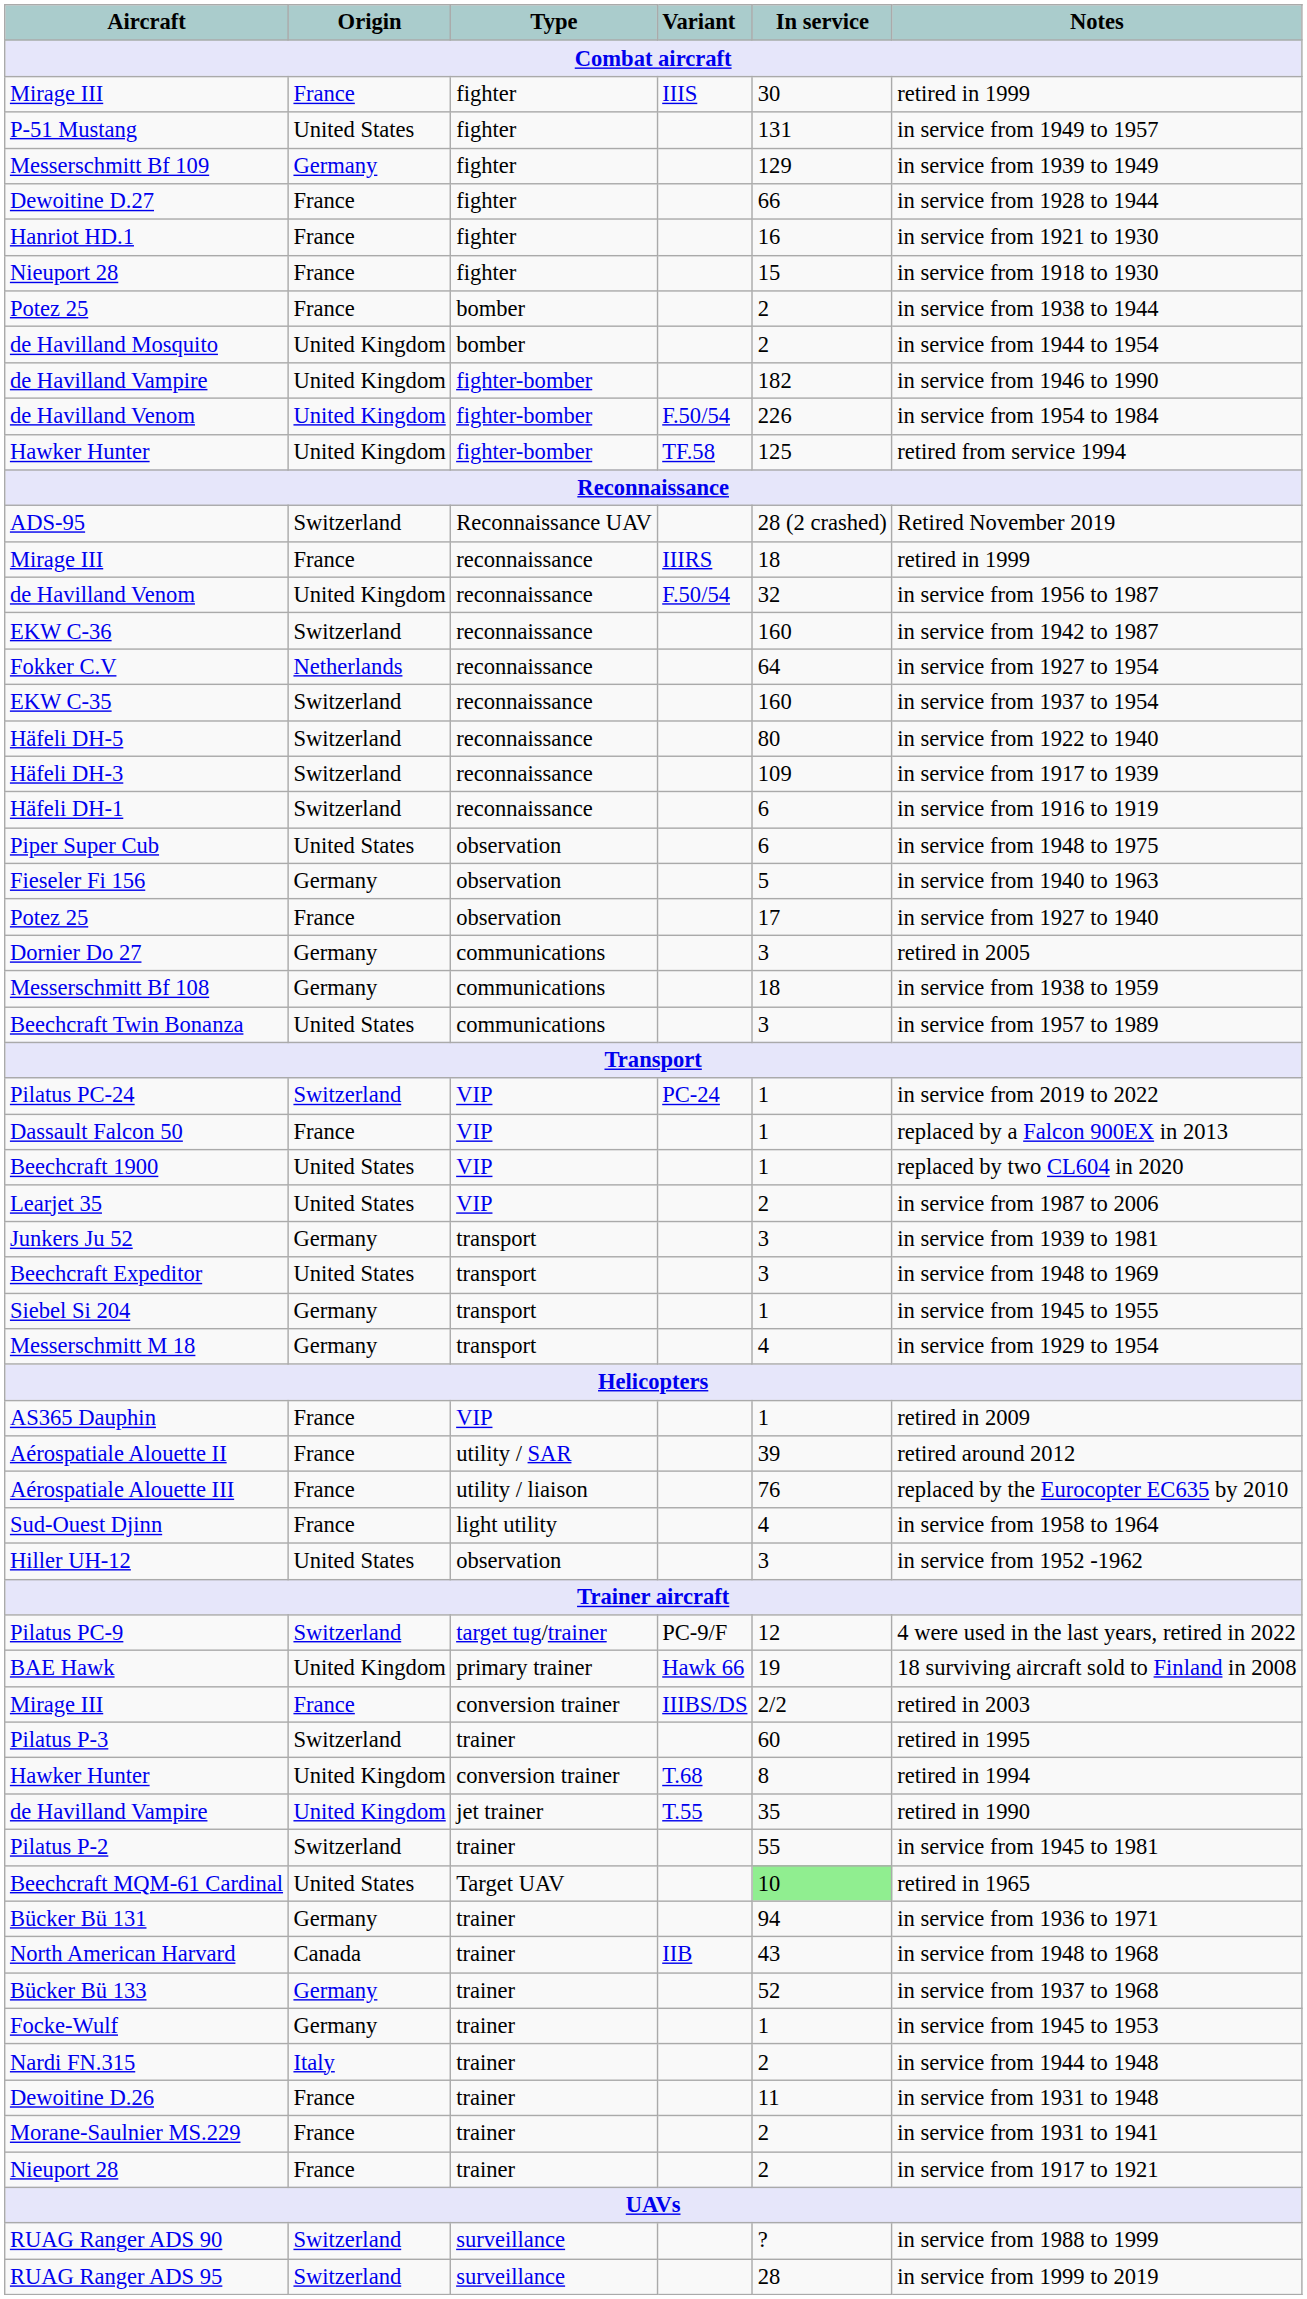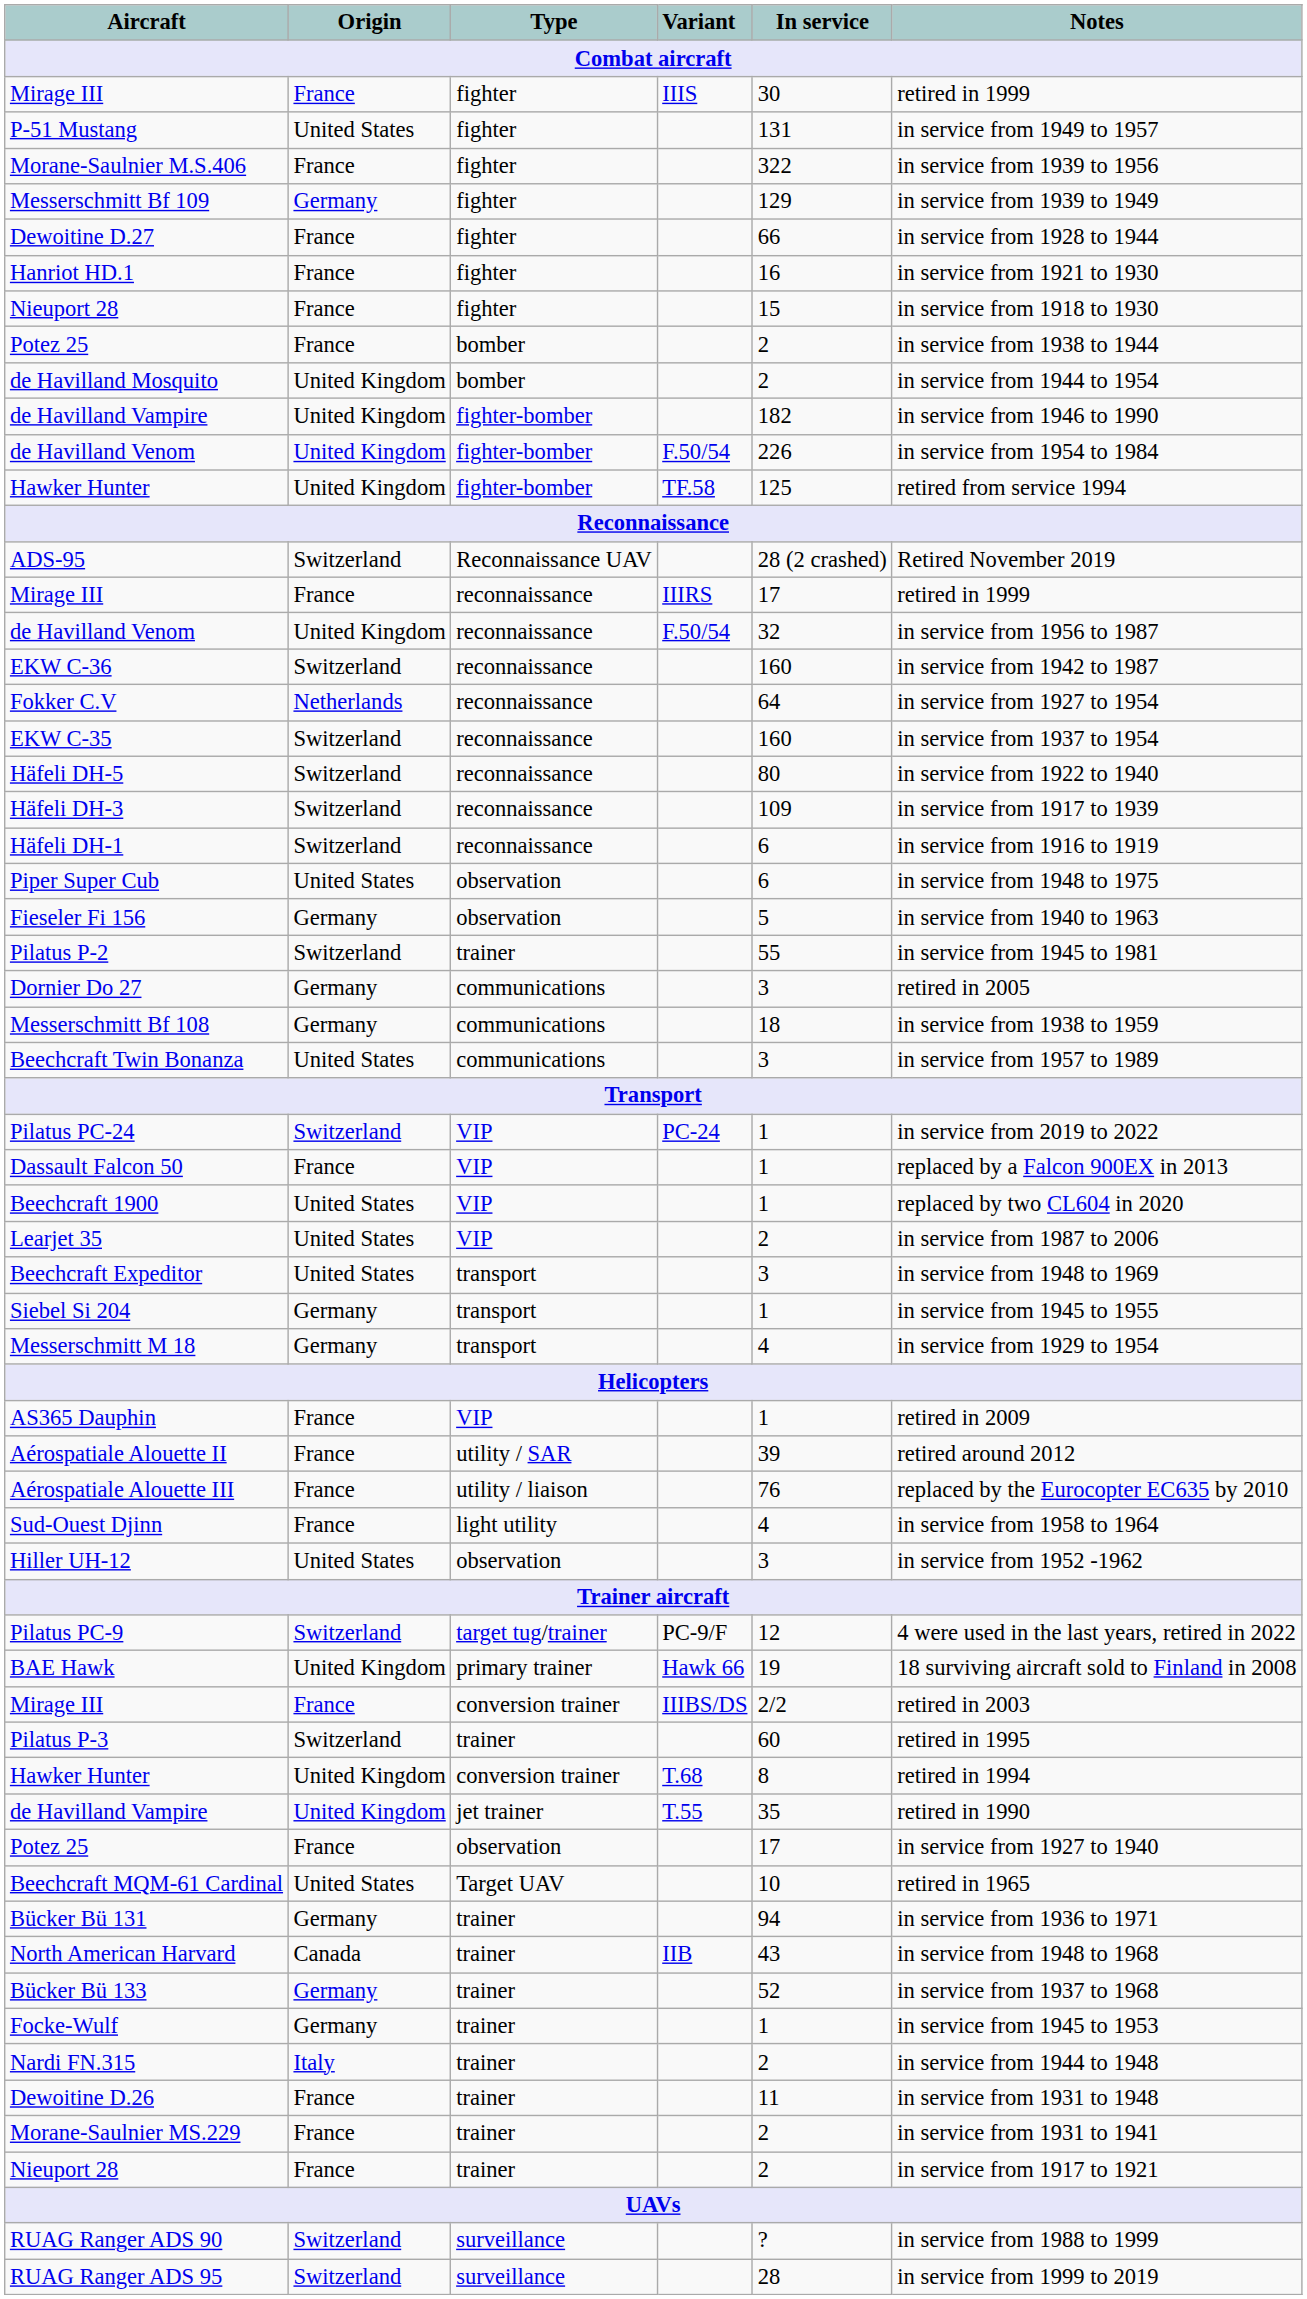 <table class="wikitable">
 <tr>
 <th style="text-align:center; background:#acc;">Aircraft</th>
 <th style="text-align: center; background:#acc;">Origin</th>
 <th style="text-align:l center; background:#acc;">Type</th>
 <th style="text-align:left; background:#acc;">Variant</th>
 <th style="text-align:center; background:#acc;">In service</th>
 <th style="text-align: center; background:#acc;">Notes</th>
 </tr>
 <tr>
 <th colspan="6" style="align: center; background: lavender;"><a href='#'>Combat aircraft</a></th>
 </tr>
 <tr>
 <td><a href='#'>Mirage III</a></td>
 <td><a href='#'>France</a></td>
 <td>fighter</td>
 <td><a href='#'>IIIS</a></td>
 <td>30</td>
 <td>retired in 1999</td>
 </tr>
 <tr>
 <td><a href='#'>P-51 Mustang</a></td>
 <td>United States</td>
 <td>fighter</td>
 <td></td>
 <td>131</td>
 <td>in service from 1949 to 1957</td>
+</tr>
+<tr>
+<td><a href='#'>Morane-Saulnier M.S.406</a></td>
+<td>France</td>
+<td>fighter</td>
+<td></td>
+<td>322</td>
+<td>in service from 1939 to 1956</td>
 </tr>
 <tr>
 <td><a href='#'>Messerschmitt Bf 109</a></td>
 <td><a href='#'>Germany</a></td>
 <td>fighter</td>
 <td></td>
 <td>129</td>
 <td>in service from 1939 to 1949</td>
 </tr>
 <tr>
 <td><a href='#'>Dewoitine D.27</a></td>
 <td>France</td>
 <td>fighter</td>
 <td></td>
 <td>66</td>
 <td>in service from 1928 to 1944</td>
 </tr>
 <tr>
 <td><a href='#'>Hanriot HD.1</a></td>
 <td>France</td>
 <td>fighter</td>
 <td></td>
 <td>16</td>
 <td>in service from 1921 to 1930</td>
 </tr>
 <tr>
 <td><a href='#'>Nieuport 28</a></td>
 <td>France</td>
 <td>fighter</td>
 <td></td>
 <td>15</td>
 <td>in service from 1918 to 1930</td>
 </tr>
 <tr>
 <td><a href='#'>Potez 25</a></td>
 <td>France</td>
 <td>bomber</td>
 <td></td>
 <td>2</td>
 <td>in service from 1938 to 1944</td>
 </tr>
 <tr>
 <td><a href='#'>de Havilland Mosquito</a></td>
 <td>United Kingdom</td>
 <td>bomber</td>
 <td></td>
 <td>2</td>
 <td>in service from 1944 to 1954</td>
 </tr>
 <tr>
 <td><a href='#'>de Havilland Vampire</a></td>
 <td>United Kingdom</td>
 <td><a href='#'>fighter-bomber</a></td>
 <td></td>
 <td>182</td>
 <td>in service from 1946 to 1990</td>
 </tr>
 <tr>
 <td><a href='#'>de Havilland Venom</a></td>
 <td><a href='#'>United Kingdom</a></td>
 <td><a href='#'>fighter-bomber</a></td>
 <td><a href='#'>F.50/54</a></td>
 <td>226</td>
 <td>in service from 1954 to 1984</td>
 </tr>
 <tr>
 <td><a href='#'>Hawker Hunter</a></td>
 <td>United Kingdom</td>
 <td><a href='#'>fighter-bomber</a></td>
 <td><a href='#'>TF.58</a></td>
 <td>125</td>
 <td>retired from service 1994</td>
 </tr>
 <tr>
 <th colspan="6" style="align: center; background: lavender;"><a href='#'>Reconnaissance</a></th>
 </tr>
 <tr>
 <td><a href='#'>ADS-95</a></td>
 <td>Switzerland</td>
 <td>Reconnaissance UAV</td>
 <td></td>
 <td>28 (2 crashed)</td>
 <td>Retired November 2019</td>
 </tr>
 <tr>
 <td><a href='#'>Mirage III</a></td>
 <td>France</td>
 <td>reconnaissance</td>
 <td><a href='#'>IIIRS</a></td>
-<td>18</td>
+<td>17</td>
 <td>retired in 1999</td>
 </tr>
 <tr>
 <td><a href='#'>de Havilland Venom</a></td>
 <td>United Kingdom</td>
 <td>reconnaissance</td>
 <td><a href='#'>F.50/54</a></td>
 <td>32</td>
 <td>in service from 1956 to 1987</td>
 </tr>
 <tr>
 <td><a href='#'>EKW C-36</a></td>
 <td>Switzerland</td>
 <td>reconnaissance</td>
 <td></td>
 <td>160</td>
 <td>in service from 1942 to 1987</td>
 </tr>
 <tr>
 <td><a href='#'>Fokker C.V</a></td>
 <td><a href='#'>Netherlands</a></td>
 <td>reconnaissance</td>
 <td></td>
 <td>64</td>
 <td>in service from 1927 to 1954</td>
 </tr>
 <tr>
 <td><a href='#'>EKW C-35</a></td>
 <td>Switzerland</td>
 <td>reconnaissance</td>
 <td></td>
 <td>160</td>
 <td>in service from 1937 to 1954</td>
 </tr>
 <tr>
 <td><a href='#'>Häfeli DH-5</a></td>
 <td>Switzerland</td>
 <td>reconnaissance</td>
 <td></td>
 <td>80</td>
 <td>in service from 1922 to 1940</td>
 </tr>
 <tr>
 <td><a href='#'>Häfeli DH-3</a></td>
 <td>Switzerland</td>
 <td>reconnaissance</td>
 <td></td>
 <td>109</td>
 <td>in service from 1917 to 1939</td>
 </tr>
 <tr>
 <td><a href='#'>Häfeli DH-1</a></td>
 <td>Switzerland</td>
 <td>reconnaissance</td>
 <td></td>
 <td>6</td>
 <td>in service from 1916 to 1919</td>
 </tr>
 <tr>
 <td><a href='#'>Piper Super Cub</a></td>
 <td>United States</td>
 <td>observation</td>
 <td></td>
 <td>6</td>
 <td>in service from 1948 to 1975</td>
 </tr>
 <tr>
 <td><a href='#'>Fieseler Fi 156</a></td>
 <td>Germany</td>
 <td>observation</td>
 <td></td>
 <td>5</td>
 <td>in service from 1940 to 1963</td>
 </tr>
 <tr>
-<td><a href='#'>Potez 25</a></td>
-<td>France</td>
-<td>observation</td>
+<td><a href='#'>Pilatus P-2</a></td>
+<td>Switzerland</td>
+<td>trainer</td>
 <td></td>
-<td>17</td>
-<td>in service from 1927 to 1940</td>
+<td>55</td>
+<td>in service from 1945 to 1981</td>
 </tr>
 <tr>
 <td><a href='#'>Dornier Do 27</a></td>
 <td>Germany</td>
 <td>communications</td>
 <td></td>
 <td>3</td>
 <td>retired in 2005</td>
 </tr>
 <tr>
 <td><a href='#'>Messerschmitt Bf 108</a></td>
 <td>Germany</td>
 <td>communications</td>
 <td></td>
 <td>18</td>
 <td>in service from 1938 to 1959</td>
 </tr>
 <tr>
 <td><a href='#'>Beechcraft Twin Bonanza</a></td>
 <td>United States</td>
 <td>communications</td>
 <td></td>
 <td>3</td>
 <td>in service from 1957 to 1989</td>
 </tr>
 <tr>
 <th colspan="6" style="align: center; background: lavender;"><a href='#'>Transport</a></th>
 </tr>
 <tr>
 <td><a href='#'>Pilatus PC-24</a></td>
 <td><a href='#'>Switzerland</a></td>
 <td><a href='#'>VIP</a></td>
 <td><a href='#'>PC-24</a></td>
 <td>1</td>
 <td>in service from 2019 to 2022</td>
 </tr>
 <tr>
 <td><a href='#'>Dassault Falcon 50</a></td>
 <td>France</td>
 <td><a href='#'>VIP</a></td>
 <td></td>
 <td>1</td>
 <td>replaced by a  <a href='#'>Falcon 900EX</a> in 2013</td>
 </tr>
 <tr>
 <td><a href='#'>Beechcraft 1900</a></td>
 <td>United States</td>
 <td><a href='#'>VIP</a></td>
 <td></td>
 <td>1</td>
 <td>replaced by two <a href='#'>CL604</a> in 2020</td>
 </tr>
 <tr>
 <td><a href='#'>Learjet 35</a></td>
 <td>United States</td>
 <td><a href='#'>VIP</a></td>
 <td></td>
 <td>2</td>
 <td>in service from 1987 to 2006</td>
-</tr>
-<tr>
-<td><a href='#'>Junkers Ju 52</a></td>
-<td>Germany</td>
-<td>transport</td>
-<td></td>
-<td>3</td>
-<td>in service from  1939 to 1981</td>
 </tr>
 <tr>
 <td><a href='#'>Beechcraft Expeditor</a></td>
 <td>United States</td>
 <td>transport</td>
 <td></td>
 <td>3</td>
 <td>in service from 1948 to 1969</td>
 </tr>
 <tr>
 <td><a href='#'>Siebel Si 204</a></td>
 <td>Germany</td>
 <td>transport</td>
 <td></td>
 <td>1</td>
 <td>in service from 1945 to 1955</td>
 </tr>
 <tr>
 <td><a href='#'>Messerschmitt M 18</a></td>
 <td>Germany</td>
 <td>transport</td>
 <td></td>
 <td>4</td>
 <td>in service from 1929 to 1954</td>
 </tr>
 <tr>
 <th colspan="6" style="align: center; background: lavender;"><a href='#'>Helicopters</a></th>
 </tr>
 <tr>
 <td><a href='#'>AS365 Dauphin</a></td>
 <td>France</td>
 <td><a href='#'>VIP</a></td>
 <td></td>
 <td>1</td>
 <td>retired in 2009</td>
 </tr>
 <tr>
 <td><a href='#'>Aérospatiale Alouette II</a></td>
 <td>France</td>
 <td>utility / <a href='#'>SAR</a></td>
 <td></td>
 <td>39</td>
 <td>retired around 2012</td>
 </tr>
 <tr>
 <td><a href='#'>Aérospatiale Alouette III</a></td>
 <td>France</td>
 <td>utility / liaison</td>
 <td></td>
 <td>76</td>
 <td>replaced by the <a href='#'>Eurocopter EC635</a> by 2010</td>
 </tr>
 <tr>
 <td><a href='#'>Sud-Ouest Djinn</a></td>
 <td>France</td>
 <td>light utility</td>
 <td></td>
 <td>4</td>
 <td>in service from 1958 to 1964</td>
 </tr>
 <tr>
 <td><a href='#'>Hiller UH-12</a></td>
 <td>United States</td>
 <td>observation</td>
 <td></td>
 <td>3</td>
 <td>in service from 1952 -1962</td>
 </tr>
 <tr>
 <th colspan="6" style="align: center; background: lavender;"><a href='#'>Trainer aircraft</a></th>
 </tr>
 <tr>
 <td><a href='#'>Pilatus PC-9</a></td>
 <td><a href='#'>Switzerland</a></td>
 <td><a href='#'>target tug</a>/<a href='#'>trainer</a></td>
 <td>PC-9/F</td>
 <td>12</td>
 <td>4 were used in the last years, retired in 2022</td>
 </tr>
 <tr>
 <td><a href='#'>BAE Hawk</a></td>
 <td>United Kingdom</td>
 <td>primary trainer</td>
 <td><a href='#'>Hawk 66</a></td>
 <td>19</td>
 <td>18 surviving aircraft sold to <a href='#'>Finland</a> in 2008</td>
 </tr>
 <tr>
 <td><a href='#'>Mirage III</a></td>
 <td><a href='#'>France</a></td>
 <td>conversion trainer</td>
 <td><a href='#'>IIIBS/DS</a></td>
 <td>2/2</td>
 <td>retired in 2003</td>
 </tr>
 <tr>
 <td><a href='#'>Pilatus P-3</a></td>
 <td>Switzerland</td>
 <td>trainer</td>
 <td></td>
 <td>60</td>
 <td>retired in 1995</td>
 </tr>
 <tr>
 <td><a href='#'>Hawker Hunter</a></td>
 <td>United Kingdom</td>
 <td>conversion trainer</td>
 <td><a href='#'>T.68</a></td>
 <td>8</td>
 <td>retired in 1994</td>
 </tr>
 <tr>
 <td><a href='#'>de Havilland Vampire</a></td>
 <td><a href='#'>United Kingdom</a></td>
 <td>jet trainer</td>
 <td><a href='#'>T.55</a></td>
 <td>35</td>
 <td>retired in 1990</td>
 </tr>
 <tr>
-<td><a href='#'>Pilatus P-2</a></td>
-<td>Switzerland</td>
-<td>trainer</td>
+<td><a href='#'>Potez 25</a></td>
+<td>France</td>
+<td>observation</td>
 <td></td>
-<td>55</td>
-<td>in service from 1945 to 1981</td>
+<td>17</td>
+<td>in service from 1927 to 1940</td>
 </tr>
 <tr>
 <td><a href='#'>Beechcraft MQM-61 Cardinal</a></td>
 <td>United States</td>
 <td>Target UAV</td>
 <td></td>
-<td style="background: lightgreen;">10</td>
+<td>10</td>
 <td>retired in 1965</td>
 </tr>
 <tr>
 <td><a href='#'>Bücker Bü 131</a></td>
 <td>Germany</td>
 <td>trainer</td>
 <td></td>
 <td>94</td>
 <td>in service from 1936 to 1971</td>
 </tr>
 <tr>
 <td><a href='#'>North American Harvard</a></td>
 <td>Canada</td>
 <td>trainer</td>
 <td><a href='#'>IIB</a></td>
 <td>43</td>
 <td>in service from 1948 to 1968</td>
 </tr>
 <tr>
 <td><a href='#'>Bücker Bü 133</a></td>
 <td><a href='#'>Germany</a></td>
 <td>trainer</td>
 <td></td>
 <td>52</td>
 <td>in service from 1937 to 1968</td>
 </tr>
 <tr>
 <td><a href='#'>Focke-Wulf</a></td>
 <td>Germany</td>
 <td>trainer</td>
 <td></td>
 <td>1</td>
 <td>in service from 1945 to 1953</td>
 </tr>
 <tr>
 <td><a href='#'>Nardi FN.315</a></td>
 <td><a href='#'>Italy</a></td>
 <td>trainer</td>
 <td></td>
 <td>2</td>
 <td>in service from 1944 to 1948</td>
 </tr>
 <tr>
 <td><a href='#'>Dewoitine D.26</a></td>
 <td>France</td>
 <td>trainer</td>
 <td></td>
 <td>11</td>
 <td>in service from 1931 to 1948</td>
 </tr>
 <tr>
 <td><a href='#'>Morane-Saulnier MS.229</a></td>
 <td>France</td>
 <td>trainer</td>
 <td></td>
 <td>2</td>
 <td>in service from 1931 to 1941</td>
 </tr>
 <tr>
 <td><a href='#'>Nieuport 28</a></td>
 <td>France</td>
 <td>trainer</td>
 <td></td>
 <td>2</td>
 <td>in service from 1917 to 1921</td>
 </tr>
 <tr>
 <th colspan="6" style="align: center; background: lavender;"><a href='#'>UAVs</a></th>
 </tr>
 <tr>
 <td><a href='#'>RUAG Ranger ADS 90</a></td>
 <td><a href='#'>Switzerland</a></td>
 <td><a href='#'>surveillance</a></td>
 <td></td>
 <td>?</td>
 <td>in service from 1988 to 1999</td>
 </tr>
 <tr>
 <td><a href='#'>RUAG Ranger ADS 95</a></td>
 <td><a href='#'>Switzerland</a></td>
 <td><a href='#'>surveillance</a></td>
 <td></td>
 <td>28</td>
 <td>in service from 1999 to 2019</td>
 </tr>
 </table>
